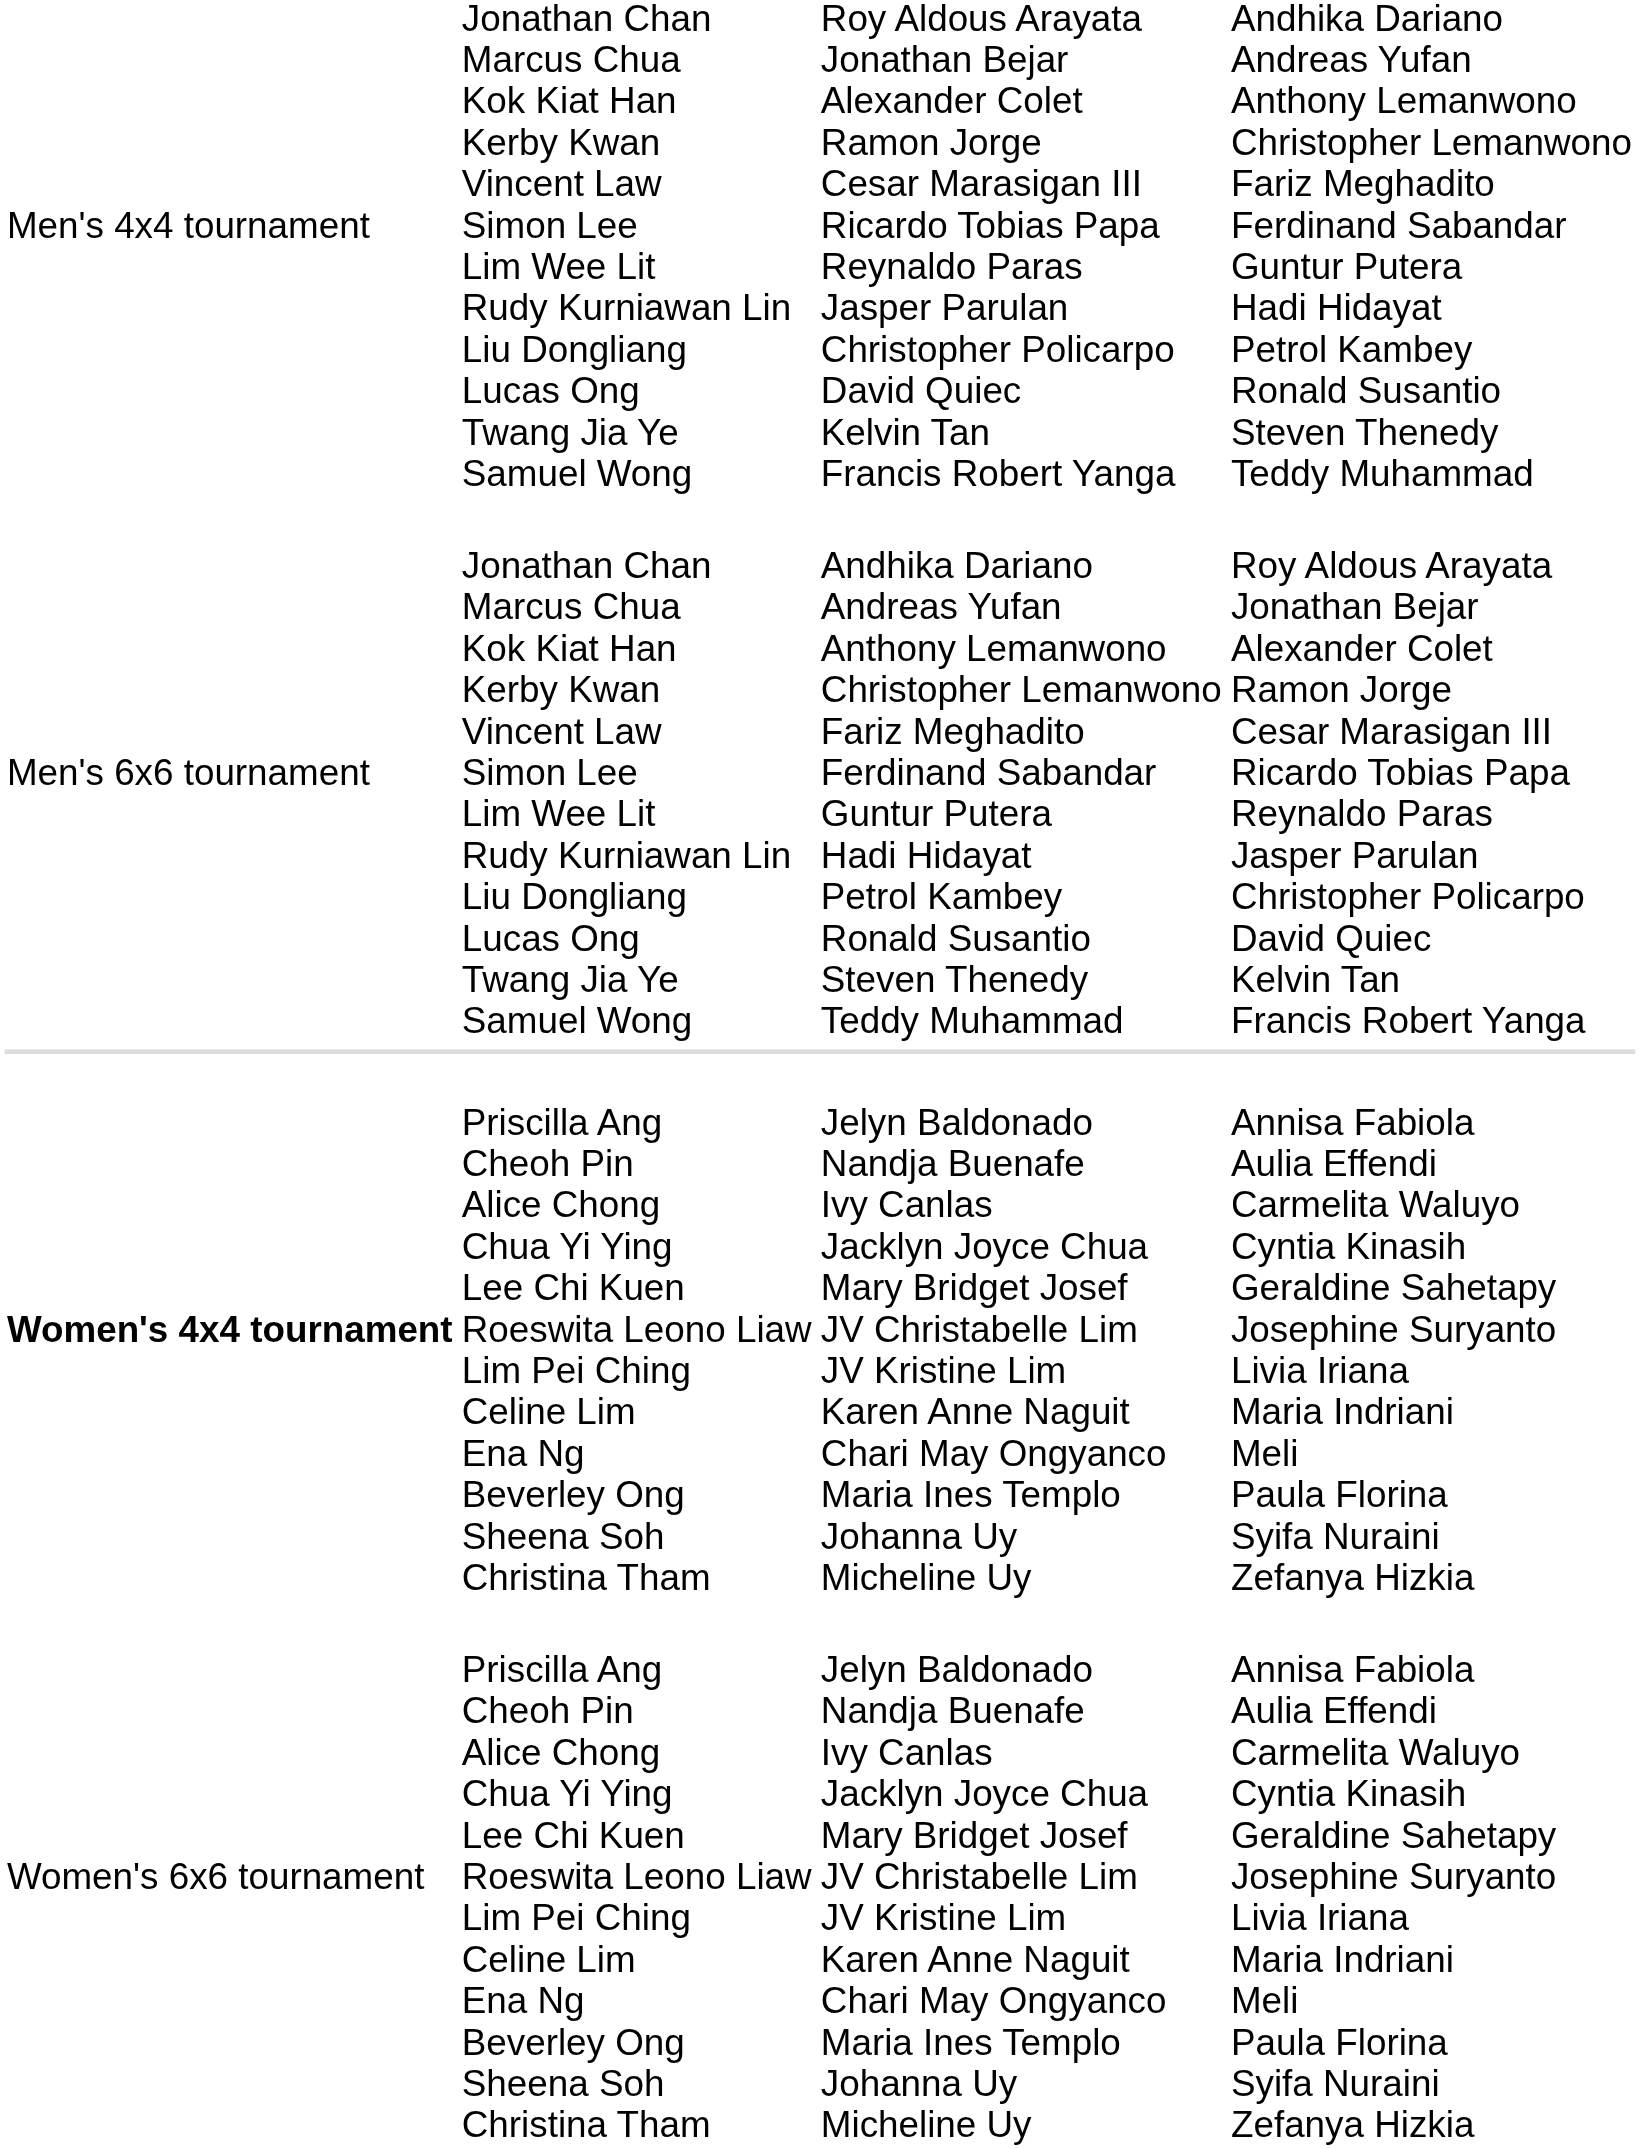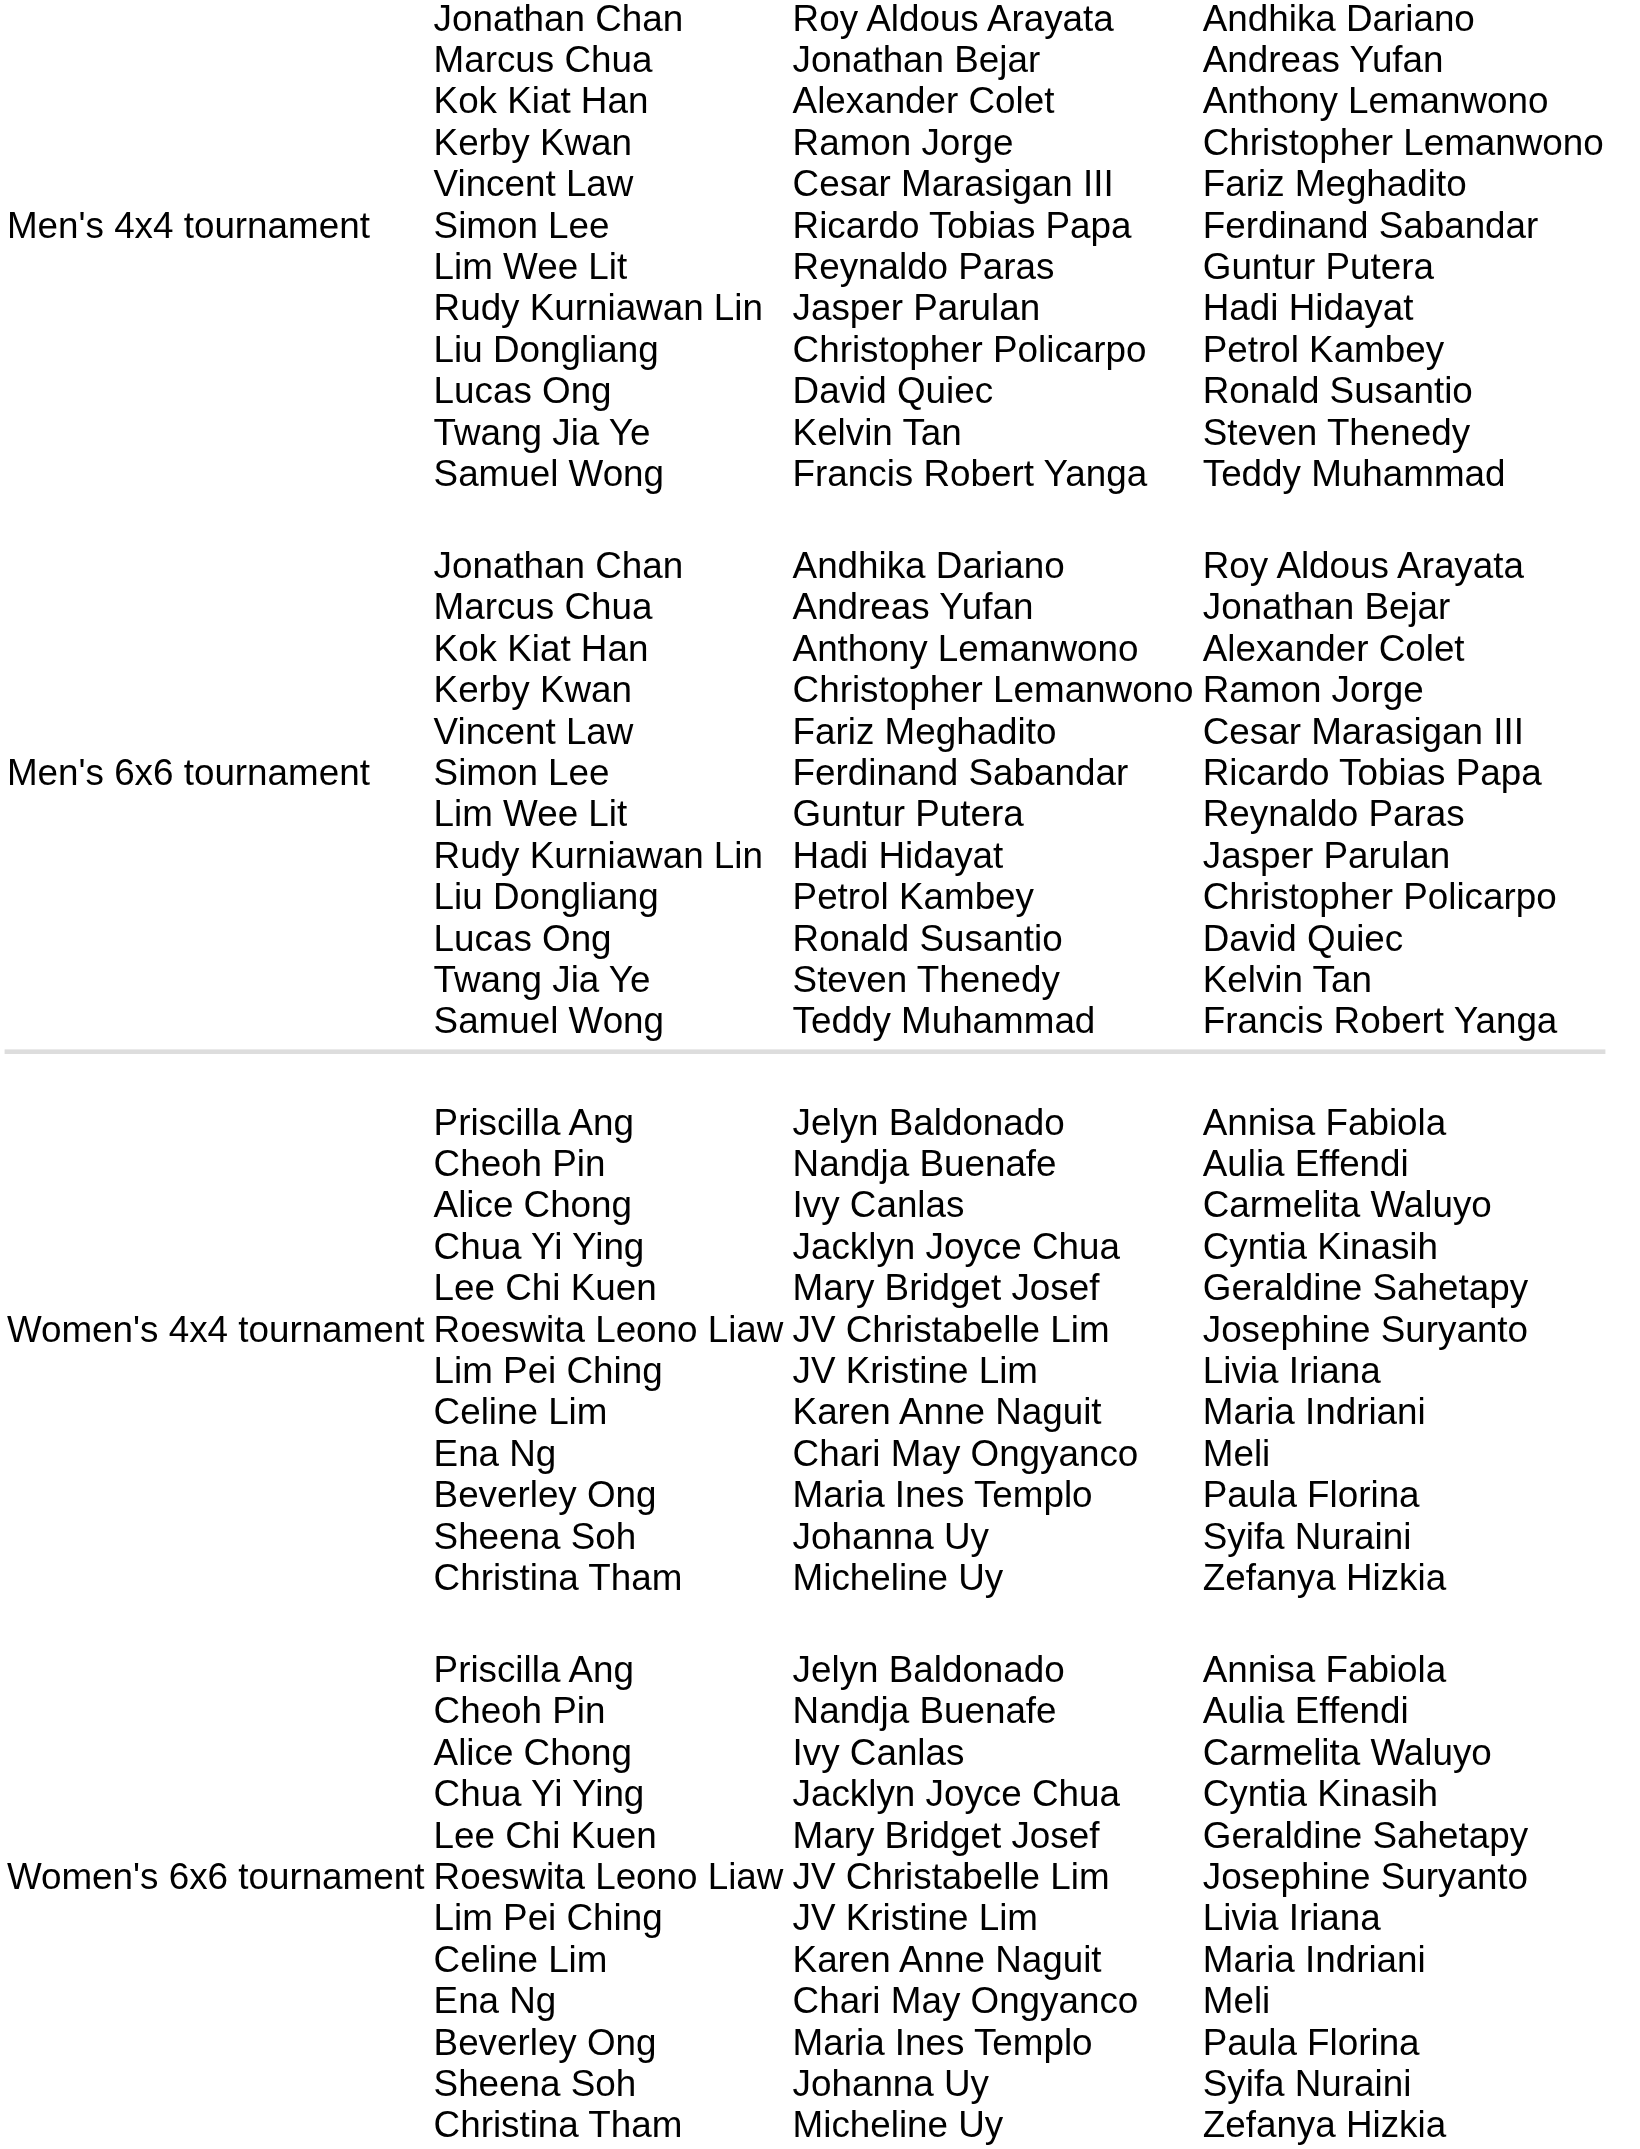 <table>
 <tr>
 <td>Men's 4x4 tournament<br></td>
 <td nowrap=true><br>Jonathan Chan<br>Marcus Chua<br>Kok Kiat Han<br>Kerby Kwan<br>Vincent Law<br>Simon Lee<br>Lim Wee Lit<br>Rudy Kurniawan Lin<br>Liu Dongliang<br>Lucas Ong<br>Twang Jia Ye<br>Samuel Wong</td>
 <td nowrap=true><br>Roy Aldous Arayata<br>Jonathan Bejar<br>Alexander Colet<br>Ramon Jorge<br>Cesar Marasigan III<br>Ricardo Tobias Papa<br>Reynaldo Paras<br>Jasper Parulan<br>Christopher Policarpo<br>David Quiec<br>Kelvin Tan<br>Francis Robert Yanga</td>
 <td nowrap=true><br>Andhika Dariano<br>Andreas Yufan<br>Anthony Lemanwono<br>Christopher Lemanwono<br>Fariz Meghadito<br>Ferdinand Sabandar<br>Guntur Putera<br>Hadi Hidayat<br>Petrol Kambey<br>Ronald Susantio<br>Steven Thenedy<br>Teddy Muhammad</td>
 </tr>
 <tr>
 <td>Men's 6x6 tournament<br></td>
 <td nowrap=true><br>Jonathan Chan<br>Marcus Chua<br>Kok Kiat Han<br>Kerby Kwan<br>Vincent Law<br>Simon Lee<br>Lim Wee Lit<br>Rudy Kurniawan Lin<br>Liu Dongliang<br>Lucas Ong<br>Twang Jia Ye<br>Samuel Wong</td>
 <td nowrap=true><br>Andhika Dariano<br>Andreas Yufan<br>Anthony Lemanwono<br>Christopher Lemanwono<br>Fariz Meghadito<br>Ferdinand Sabandar<br>Guntur Putera<br>Hadi Hidayat<br>Petrol Kambey<br>Ronald Susantio<br>Steven Thenedy<br>Teddy Muhammad</td>
 <td nowrap=true><br>Roy Aldous Arayata<br>Jonathan Bejar<br>Alexander Colet<br>Ramon Jorge<br>Cesar Marasigan III<br>Ricardo Tobias Papa<br>Reynaldo Paras<br>Jasper Parulan<br>Christopher Policarpo<br>David Quiec<br>Kelvin Tan<br>Francis Robert Yanga</td>
 </tr>
 <tr style="background:#dddddd;">
 <td colspan=7></td>
 </tr>
 <tr>
-<td><strong>Women's 4x4 tournament<br></strong></td>
+<td>Women's 4x4 tournament<br></td>
 <td nowrap=true><br>Priscilla Ang<br>Cheoh Pin<br>Alice Chong<br>Chua Yi Ying<br>Lee Chi Kuen<br>Roeswita Leono Liaw<br>Lim Pei Ching<br>Celine Lim<br>Ena Ng<br>Beverley Ong<br>Sheena Soh<br>Christina Tham</td>
 <td nowrap=true><br>Jelyn Baldonado<br>Nandja Buenafe<br>Ivy Canlas<br>Jacklyn Joyce Chua<br>Mary Bridget Josef<br>JV Christabelle Lim<br>JV Kristine Lim<br>Karen Anne Naguit<br>Chari May Ongyanco<br>Maria Ines Templo<br>Johanna Uy<br>Micheline Uy</td>
 <td nowrap=true><br>Annisa Fabiola<br>Aulia Effendi<br>Carmelita Waluyo<br>Cyntia Kinasih<br>Geraldine Sahetapy<br>Josephine Suryanto<br>Livia Iriana<br>Maria Indriani<br>Meli<br>Paula Florina<br>Syifa Nuraini<br>Zefanya Hizkia</td>
 </tr>
 <tr>
 <td>Women's 6x6 tournament<br></td>
 <td nowrap=true><br>Priscilla Ang<br>Cheoh Pin<br>Alice Chong<br>Chua Yi Ying<br>Lee Chi Kuen<br>Roeswita Leono Liaw<br>Lim Pei Ching<br>Celine Lim<br>Ena Ng<br>Beverley Ong<br>Sheena Soh<br>Christina Tham</td>
 <td nowrap=true><br>Jelyn Baldonado<br>Nandja Buenafe<br>Ivy Canlas<br>Jacklyn Joyce Chua<br>Mary Bridget Josef<br>JV Christabelle Lim<br>JV Kristine Lim<br>Karen Anne Naguit<br>Chari May Ongyanco<br>Maria Ines Templo<br>Johanna Uy<br>Micheline Uy</td>
 <td nowrap=true><br>Annisa Fabiola<br>Aulia Effendi<br>Carmelita Waluyo<br>Cyntia Kinasih<br>Geraldine Sahetapy<br>Josephine Suryanto<br>Livia Iriana<br>Maria Indriani<br>Meli<br>Paula Florina<br>Syifa Nuraini<br>Zefanya Hizkia</td>
 </tr>
 <tr>
 </tr>
 </table>
